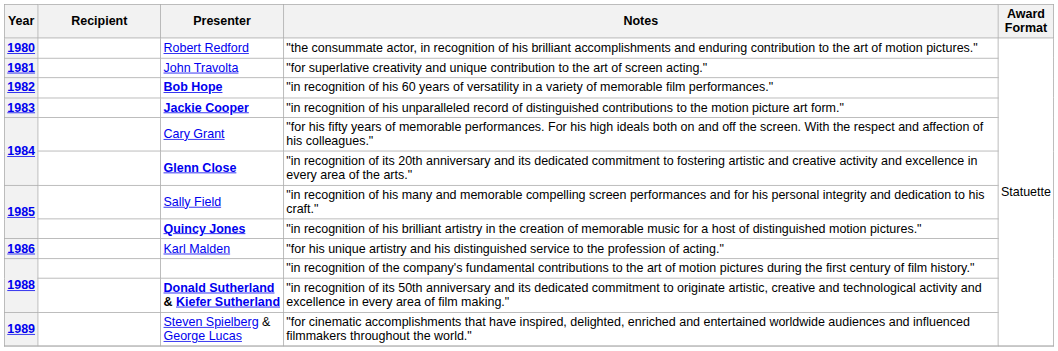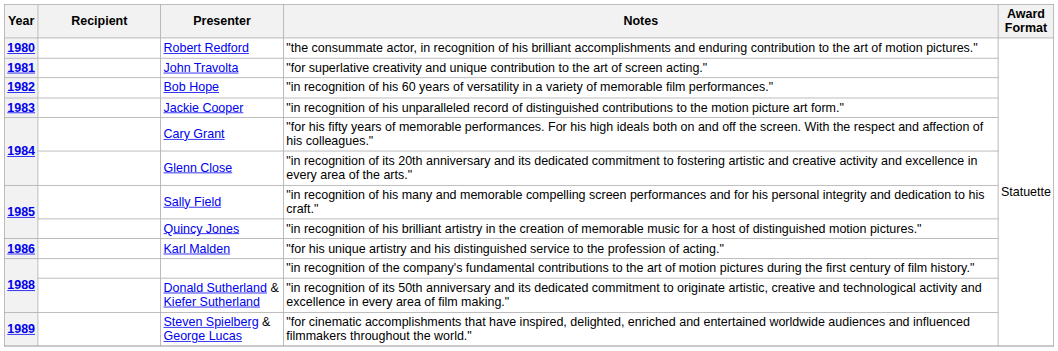 <table class="wikitable sortable" width="85%" style="background:#ffffff;" style="text-align:center;">
 <tr>
 <th width=30>Year</th>
 <th width=150>Recipient</th>
 <th width=150>Presenter</th>
 <th class=unsortable>Notes</th>
 <th width=50>Award Format</th>
 </tr>
 <tr>
 <th><a href='#'>1980</a></th>
 <td></td>
 <td><a href='#'>Robert Redford</a></td>
 <td>"the consummate actor, in recognition of his brilliant accomplishments and enduring contribution to the art of motion pictures."</td>
 <td rowspan="12">Statuette</td>
 </tr>
 <tr>
 <th><a href='#'>1981</a></th>
 <td></td>
 <td><a href='#'>John Travolta</a></td>
 <td>"for superlative creativity and unique contribution to the art of screen acting."</td>
 </tr>
 <tr>
 <th><a href='#'>1982</a></th>
 <td></td>
-<td><strong><a href='#'>Bob Hope</a></strong></td>
+<td><a href='#'>Bob Hope</a></td>
 <td>"in recognition of his 60 years of versatility in a variety of memorable film performances."</td>
 </tr>
 <tr>
 <th><a href='#'>1983</a></th>
 <td></td>
-<td><strong><a href='#'>Jackie Cooper</a></strong></td>
+<td><a href='#'>Jackie Cooper</a></td>
 <td>"in recognition of his unparalleled record of distinguished contributions to the motion picture art form."</td>
 </tr>
 <tr>
 <th rowspan="2"><a href='#'>1984</a></th>
 <td></td>
 <td><a href='#'>Cary Grant</a></td>
 <td>"for his fifty years of memorable performances. For his high ideals both on and off the screen. With the respect and affection of his colleagues."</td>
 </tr>
 <tr>
 <td></td>
-<td><strong><a href='#'>Glenn Close</a></strong></td>
+<td><a href='#'>Glenn Close</a></td>
 <td>"in recognition of its 20th anniversary and its dedicated commitment to fostering artistic and creative activity and excellence in every area of the arts."</td>
 </tr>
 <tr>
 <th rowspan="2"><a href='#'>1985</a></th>
 <td></td>
 <td><a href='#'>Sally Field</a></td>
 <td>"in recognition of his many and memorable compelling screen performances and for his personal integrity and dedication to his craft."</td>
 </tr>
 <tr>
 <td></td>
-<td><strong><a href='#'>Quincy Jones</a></strong></td>
+<td><a href='#'>Quincy Jones</a></td>
 <td>"in recognition of his brilliant artistry in the creation of memorable music for a host of distinguished motion pictures."</td>
 </tr>
 <tr>
 <th><a href='#'>1986</a></th>
 <td></td>
 <td><a href='#'>Karl Malden</a></td>
 <td>"for his unique artistry and his distinguished service to the profession of acting."</td>
 </tr>
 <tr>
 <th rowspan="2"><a href='#'>1988</a></th>
 <td></td>
 <td></td>
 <td>"in recognition of the company's fundamental contributions to the art of motion pictures during the first century of film history."</td>
 </tr>
 <tr>
 <td></td>
-<td><strong><a href='#'>Donald Sutherland</a> & <a href='#'>Kiefer Sutherland</a></strong></td>
+<td><a href='#'>Donald Sutherland</a> & <a href='#'>Kiefer Sutherland</a></td>
 <td>"in recognition of its 50th anniversary and its dedicated commitment to originate artistic, creative and technological activity and excellence in every area of film making."</td>
 </tr>
 <tr>
 <th><a href='#'>1989</a></th>
 <td></td>
 <td><a href='#'>Steven Spielberg</a> & <a href='#'>George Lucas</a></td>
 <td>"for cinematic accomplishments that have inspired, delighted, enriched and entertained worldwide audiences and influenced filmmakers throughout the world."</td>
 </tr>
 <tr>
 </tr>
 </table>
